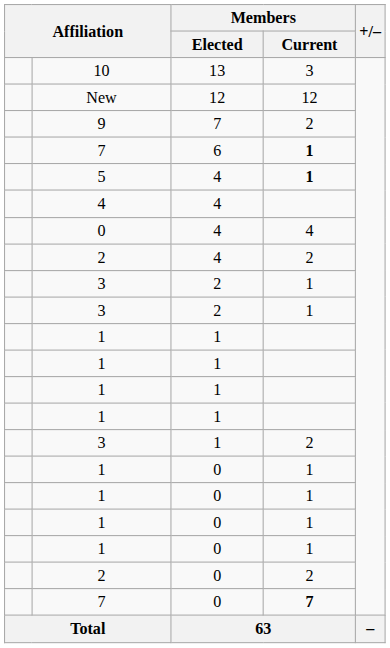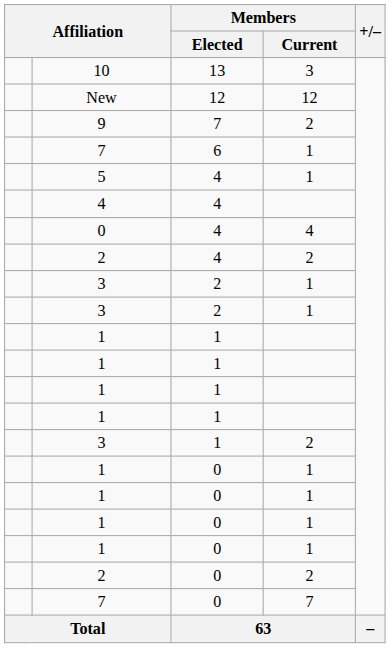 <table class="wikitable" border="1" style="font-size: 95%; text-align: center;">
 <tr>
 <th colspan="2" rowspan="2" class=unsortable style="text-align: center; vertical-align: middle; width: 150px;">Affiliation</th>
 <th colspan="2" style="vertical-align: top;">Members</th>
 <th rowspan="2">+/–</th>
 </tr>
 <tr>
 <th data-sort-type=number style="width: 80px;">Elected</th>
 <th style="width: 80px;">Current</th>
 </tr>
 <tr>
 <td></td>
 <td>10</td>
 <td>13</td>
 <td>3</td>
 </tr>
 <tr>
 <td></td>
 <td>New</td>
 <td>12</td>
 <td><strong></strong>12</td>
 </tr>
 <tr>
 <td></td>
 <td>9</td>
 <td>7</td>
 <td>2</td>
 </tr>
 <tr>
 <td></td>
 <td>7</td>
 <td>6</td>
-<td><strong>1</strong></td>
+<td>1</td>
 </tr>
 <tr>
 <td></td>
 <td>5</td>
 <td>4</td>
-<td><strong>1</strong></td>
+<td>1</td>
 </tr>
 <tr>
 <td></td>
 <td>4</td>
 <td>4</td>
 <td></td>
 </tr>
 <tr>
 <td></td>
 <td>0</td>
 <td>4</td>
 <td>4</td>
 </tr>
 <tr>
 <td></td>
 <td>2</td>
 <td>4</td>
 <td>2</td>
 </tr>
 <tr>
 <td></td>
 <td>3</td>
 <td>2</td>
 <td>1</td>
 </tr>
 <tr>
 <td></td>
 <td>3</td>
 <td>2</td>
 <td>1</td>
 </tr>
 <tr>
 <td></td>
 <td>1</td>
 <td>1</td>
 <td></td>
 </tr>
 <tr>
 <td></td>
 <td>1</td>
 <td>1</td>
 <td></td>
 </tr>
 <tr>
 <td></td>
 <td>1</td>
 <td>1</td>
 <td></td>
 </tr>
 <tr>
 <td></td>
 <td>1</td>
 <td>1</td>
 <td></td>
 </tr>
 <tr>
 <td></td>
 <td>3</td>
 <td>1</td>
 <td>2</td>
 </tr>
 <tr>
 <td></td>
 <td>1</td>
 <td>0</td>
 <td>1</td>
 </tr>
 <tr>
 <td></td>
 <td>1</td>
 <td>0</td>
 <td>1</td>
 </tr>
 <tr>
 <td></td>
 <td>1</td>
 <td>0</td>
 <td>1</td>
 </tr>
 <tr>
 <td></td>
 <td>1</td>
 <td>0</td>
 <td>1</td>
 </tr>
 <tr>
 <td></td>
 <td>2</td>
 <td>0</td>
 <td>2</td>
 </tr>
 <tr>
 <td></td>
 <td>7</td>
 <td>0</td>
-<td><strong>7</strong></td>
+<td>7</td>
 </tr>
 <tr>
 <th colspan="2">Total</th>
 <th colspan="2">63</th>
 <th>–</th>
 </tr>
 </table>
